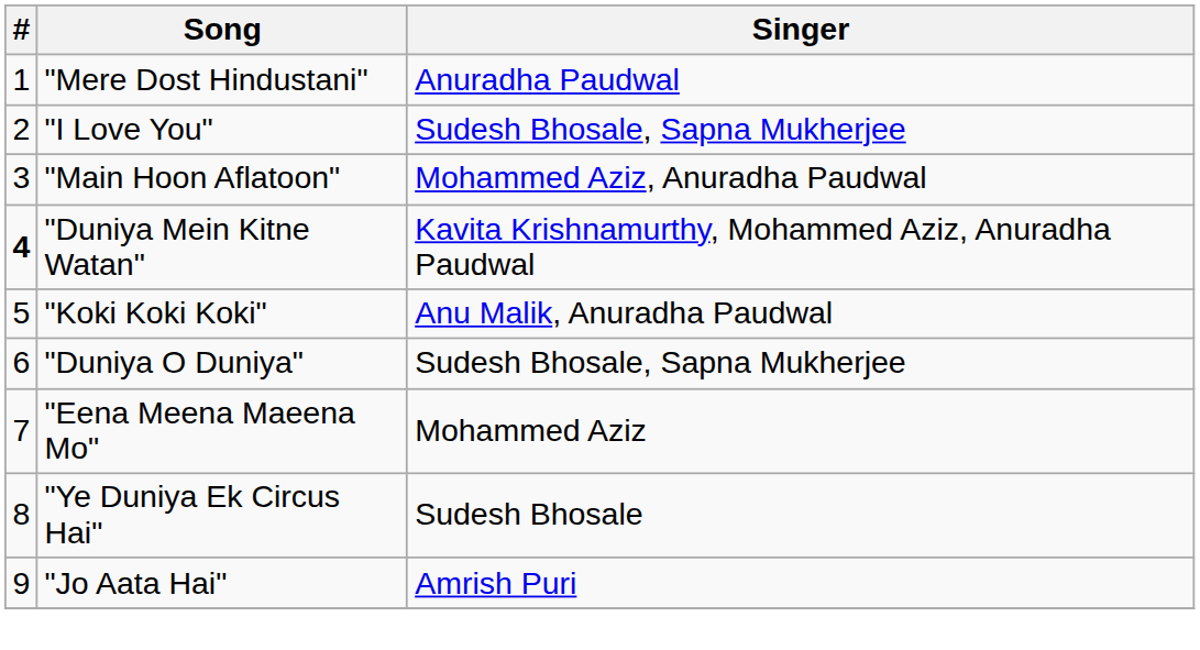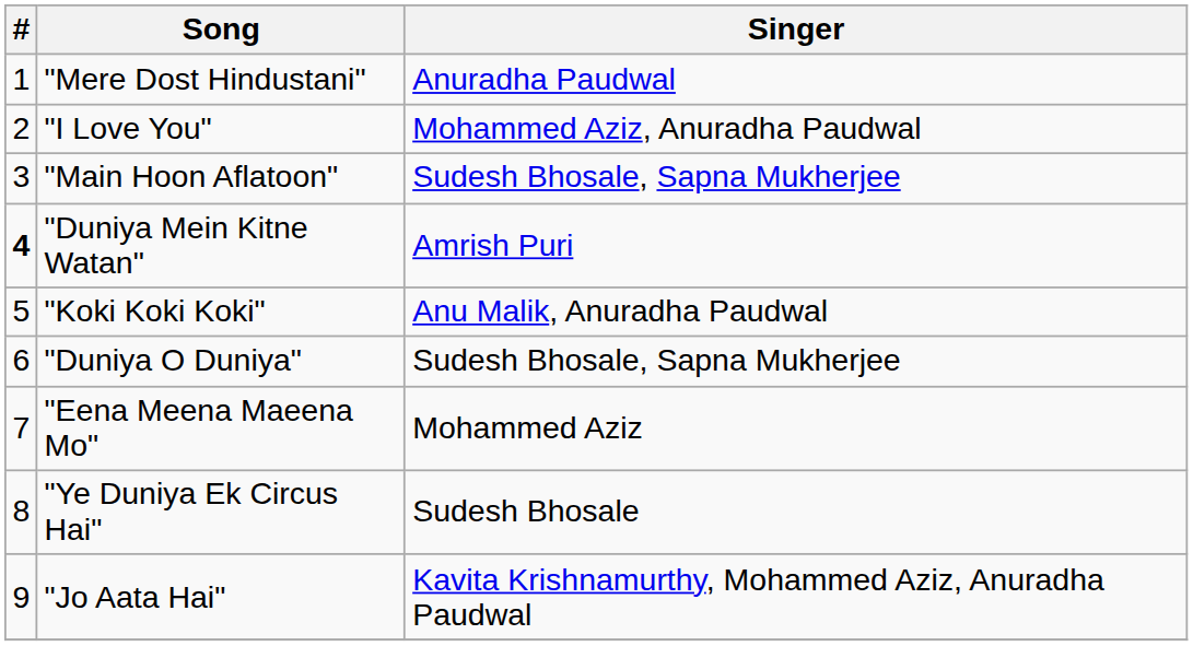 <table class="wikitable">
 <tr>
 <th>#</th>
 <th>Song</th>
 <th>Singer</th>
 </tr>
 <tr>
 <td>1</td>
 <td>"Mere Dost Hindustani"</td>
 <td><a href='#'>Anuradha Paudwal</a></td>
 </tr>
 <tr>
 <td>2</td>
 <td>"I Love You"</td>
-<td><a href='#'>Sudesh Bhosale</a>, <a href='#'>Sapna Mukherjee</a></td>
+<td><a href='#'>Mohammed Aziz</a>, Anuradha Paudwal</td>
 </tr>
 <tr>
 <td>3</td>
 <td>"Main Hoon Aflatoon"</td>
-<td><a href='#'>Mohammed Aziz</a>, Anuradha Paudwal</td>
+<td><a href='#'>Sudesh Bhosale</a>, <a href='#'>Sapna Mukherjee</a></td>
 </tr>
 <tr>
 <td><strong>4</strong></td>
 <td>"Duniya Mein Kitne Watan"</td>
-<td><a href='#'>Kavita Krishnamurthy</a>, Mohammed Aziz, Anuradha Paudwal</td>
+<td><a href='#'>Amrish Puri</a></td>
 </tr>
 <tr>
 <td>5</td>
 <td>"Koki Koki Koki"</td>
 <td><a href='#'>Anu Malik</a>, Anuradha Paudwal</td>
 </tr>
 <tr>
 <td>6</td>
 <td>"Duniya O Duniya"</td>
 <td>Sudesh Bhosale, Sapna Mukherjee</td>
 </tr>
 <tr>
 <td>7</td>
 <td>"Eena Meena Maeena Mo"</td>
 <td>Mohammed Aziz</td>
 </tr>
 <tr>
 <td>8</td>
 <td>"Ye Duniya Ek Circus Hai"</td>
 <td>Sudesh Bhosale</td>
 </tr>
 <tr>
 <td>9</td>
 <td>"Jo Aata Hai"</td>
-<td><a href='#'>Amrish Puri</a></td>
+<td><a href='#'>Kavita Krishnamurthy</a>, Mohammed Aziz, Anuradha Paudwal</td>
 </tr>
 <tr>
 </tr>
 </table>
